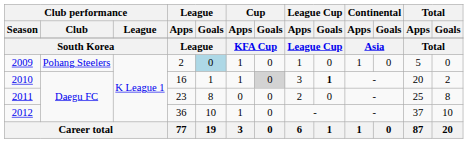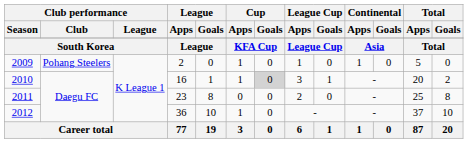 <table class="wikitable" style="text-align:center">
 <tr>
 <th colspan=3>Club performance</th>
 <th colspan=2>League</th>
 <th colspan=2>Cup</th>
 <th colspan=2>League Cup</th>
 <th colspan=2>Continental</th>
 <th colspan=2>Total</th>
 </tr>
 <tr>
 <th>Season</th>
 <th>Club</th>
 <th>League</th>
 <th>Apps</th>
 <th>Goals</th>
 <th>Apps</th>
 <th>Goals</th>
 <th>Apps</th>
 <th>Goals</th>
 <th>Apps</th>
 <th>Goals</th>
 <th>Apps</th>
 <th>Goals</th>
 </tr>
 <tr>
 </tr>
 <tr>
 <th colspan=3>South Korea</th>
 <th colspan=2>League</th>
 <th colspan=2><a href='#'>KFA Cup</a></th>
 <th colspan=2><a href='#'>League Cup</a></th>
 <th colspan=2><a href='#'>Asia</a></th>
 <th colspan=2>Total</th>
 </tr>
 <tr>
 <td><a href='#'>2009</a></td>
 <td rowspan="1"><a href='#'>Pohang Steelers</a></td>
 <td rowspan="4"><a href='#'>K League 1</a></td>
 <td>2</td>
-<td style="background: lightblue;">0</td>
+<td>0</td>
 <td>1</td>
 <td>0</td>
 <td>1</td>
 <td>0</td>
 <td>1</td>
 <td>0</td>
 <td>5</td>
 <td>0</td>
 </tr>
 <tr>
 <td><a href='#'>2010</a></td>
 <td rowspan="3"><a href='#'>Daegu FC</a></td>
 <td>16</td>
 <td>1</td>
 <td>1</td>
 <td style="background: lightgrey;">0</td>
 <td>3</td>
-<td><strong>1</strong></td>
+<td>1</td>
 <td colspan=2>-</td>
 <td>20</td>
 <td>2</td>
 </tr>
 <tr>
 <td><a href='#'>2011</a></td>
 <td>23</td>
 <td>8</td>
 <td>0</td>
 <td>0</td>
 <td>2</td>
 <td>0</td>
 <td colspan=2>-</td>
 <td>25</td>
 <td>8</td>
 </tr>
 <tr>
 <td><a href='#'>2012</a></td>
 <td>36</td>
 <td>10</td>
 <td>1</td>
 <td>0</td>
 <td colspan=2>-</td>
 <td colspan=2>-</td>
 <td>37</td>
 <td>10</td>
 </tr>
 <tr>
 <th colspan=3>Career total</th>
 <th>77</th>
 <th>19</th>
 <th>3</th>
 <th>0</th>
 <th>6</th>
 <th>1</th>
 <th>1</th>
 <th>0</th>
 <th>87</th>
 <th>20</th>
 </tr>
 </table>
